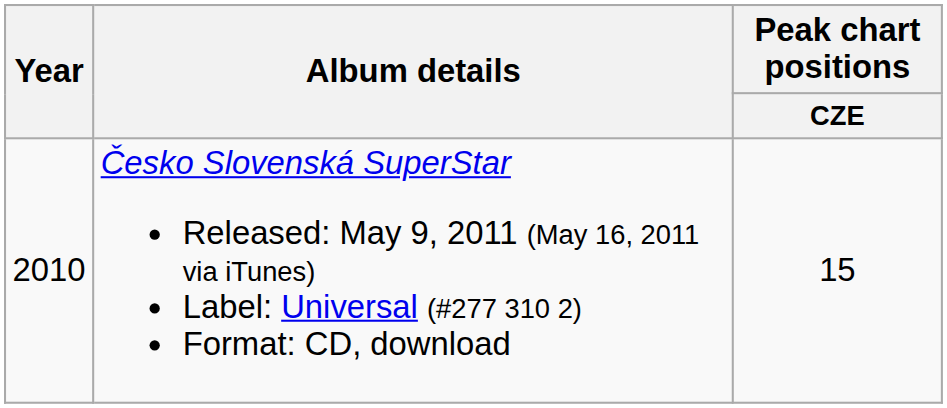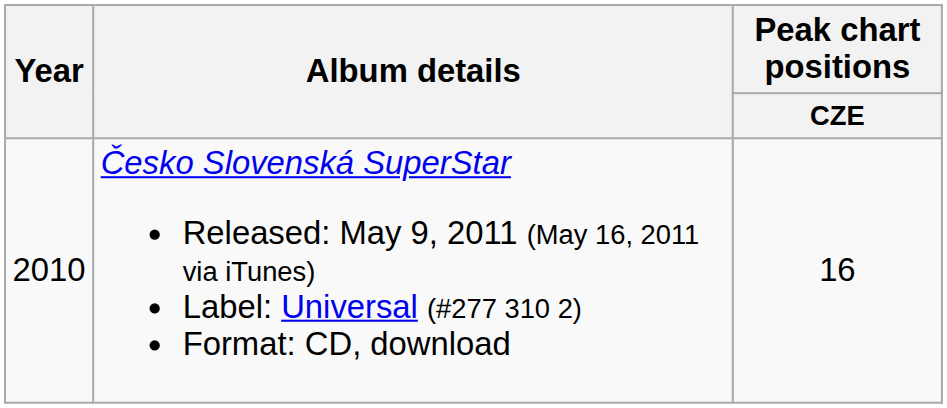 <table class=wikitable style=text-align:center>
 <tr>
 <th rowspan=2 width=5>Year</th>
 <th rowspan=2 width=305>Album details</th>
 <th colspan=1 width=94>Peak chart positions</th>
 </tr>
 <tr style="font-size:smaller;">
 <th width=94>CZE<br></th>
 </tr>
 <tr>
 <td>2010</td>
 <td style=text-align:left><em><a href='#'>Česko Slovenská SuperStar</a></em><br><ul><li>Released: May 9, 2011 <small>(May 16, 2011 via iTunes)</small></li><li>Label: <a href='#'>Universal</a> <small>(#277 310 2)</small></li><li>Format: CD, download</li></ul></td>
-<td>15</td>
+<td>16</td>
 </tr>
 </table>
